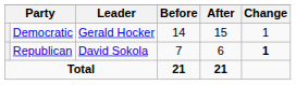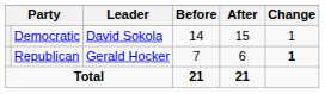 <table class="wikitable" style="text-align:center;">
 <tr>
 </tr>
 <tr>
 <th colspan=2>Party</th>
 <th>Leader</th>
 <th style="width:3em">Before</th>
 <th style="width:3em">After</th>
 <th style="width:3em">Change</th>
 </tr>
 <tr>
 <th style="background-color:"></th>
 <td style="text-align:left;"><a href='#'>Democratic</a></td>
-<td style="text-align:left;"><a href='#'>Gerald Hocker</a></td>
+<td style="text-align:left;"><a href='#'>David Sokola</a></td>
 <td>14</td>
 <td>15</td>
 <td> 1</td>
 </tr>
 <tr>
 <th style="background-color:"></th>
 <td style="text-align:left;"><a href='#'>Republican</a></td>
-<td style="text-align:left;"><a href='#'>David Sokola</a></td>
+<td style="text-align:left;"><a href='#'>Gerald Hocker</a></td>
 <td>7</td>
 <td>6</td>
 <td><strong> 1</strong></td>
 </tr>
 <tr>
 <td colspan=3><strong>Total</strong></td>
 <td><strong>21</strong></td>
 <td><strong>21</strong></td>
 <td></td>
 </tr>
 </table>
